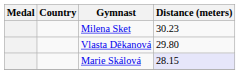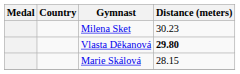 <table class="wikitable">
 <tr>
 <th>Medal</th>
 <th>Country</th>
 <th>Gymnast</th>
 <th>Distance (meters)</th>
 </tr>
 <tr>
 <th></th>
 <td></td>
 <td><a href='#'>Milena Sket</a></td>
 <td>30.23</td>
 </tr>
 <tr>
 <th></th>
 <td></td>
 <td><a href='#'>Vlasta Děkanová</a></td>
-<td>29.80</td>
+<td><strong>29.80</strong></td>
 </tr>
 <tr>
 <th></th>
 <td></td>
 <td><a href='#'>Marie Skálová</a></td>
-<td style="background: lavender;">28.15</td>
+<td>28.15</td>
 </tr>
 <tr>
 </tr>
 </table>
